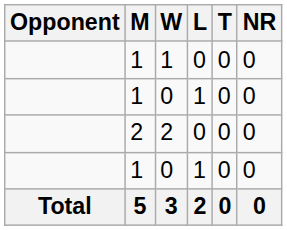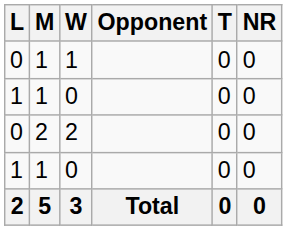 <table class="wikitable sortable">
 <tr>
-<th>Opponent</th>
+<th>L</th>
 <th>M</th>
 <th>W</th>
-<th>L</th>
+<th>Opponent</th>
 <th>T</th>
 <th>NR</th>
 </tr>
 <tr>
-<td></td>
+<td>0</td>
 <td>1</td>
 <td>1</td>
-<td>0</td>
+<td></td>
 <td>0</td>
 <td>0</td>
 </tr>
 <tr>
-<td></td>
+<td>1</td>
 <td>1</td>
 <td>0</td>
-<td>1</td>
+<td></td>
 <td>0</td>
 <td>0</td>
 </tr>
 <tr>
-<td></td>
+<td>0</td>
 <td>2</td>
 <td>2</td>
-<td>0</td>
+<td></td>
 <td>0</td>
 <td>0</td>
 </tr>
 <tr>
-<td></td>
+<td>1</td>
 <td>1</td>
 <td>0</td>
-<td>1</td>
+<td></td>
 <td>0</td>
 <td>0</td>
 </tr>
 <tr>
-<th>Total</th>
+<th>2</th>
 <th>5</th>
 <th>3</th>
-<th>2</th>
+<th>Total</th>
 <th>0</th>
 <th>0</th>
 </tr>
 </table>
